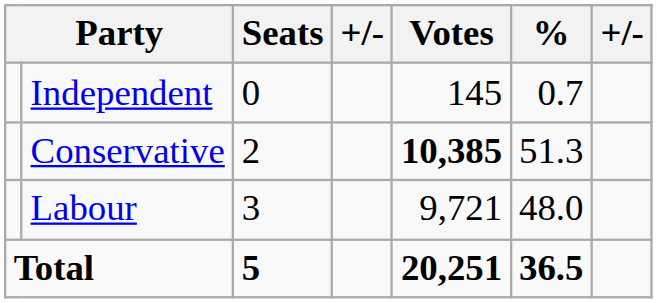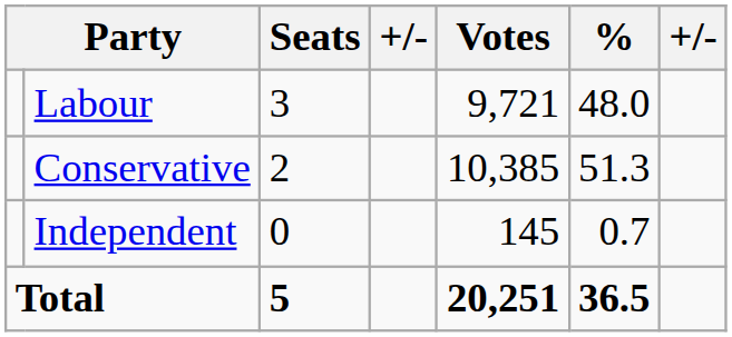 <table class="wikitable sortable">
 <tr>
 <th colspan="2">Party</th>
 <th>Seats</th>
 <th>+/-</th>
 <th>Votes</th>
 <th>%</th>
 <th>+/-</th>
 </tr>
 <tr>
 <td style="background-color: "></td>
-<td><a href='#'>Independent</a></td>
-<td>0</td>
+<td><a href='#'>Labour</a></td>
+<td>3</td>
 <td></td>
-<td style="text-align:right;">145</td>
-<td style="text-align:right;">0.7</td>
+<td style="text-align:right;">9,721</td>
+<td style="text-align:right;">48.0</td>
 <td style="text-align:right;"></td>
 </tr>
 <tr>
 <td style="background-color: "></td>
 <td><a href='#'>Conservative</a></td>
 <td>2</td>
 <td></td>
-<td style="text-align:right;"><strong>10,385</strong></td>
+<td style="text-align:right;">10,385</td>
 <td style="text-align:right;">51.3</td>
 <td style="text-align:right;"></td>
 </tr>
 <tr>
 <td style="background-color: "></td>
-<td><a href='#'>Labour</a></td>
-<td>3</td>
+<td><a href='#'>Independent</a></td>
+<td>0</td>
 <td></td>
-<td style="text-align:right;">9,721</td>
-<td style="text-align:right;">48.0</td>
+<td style="text-align:right;">145</td>
+<td style="text-align:right;">0.7</td>
 <td style="text-align:right;"></td>
 </tr>
 <tr>
 <td colspan="2"><strong>Total</strong></td>
 <td><strong>5</strong></td>
 <td></td>
 <td style="text-align:right;"><strong>20,251</strong></td>
 <td style="text-align:right;"><strong>36.5</strong></td>
 <td></td>
 </tr>
 </table>
